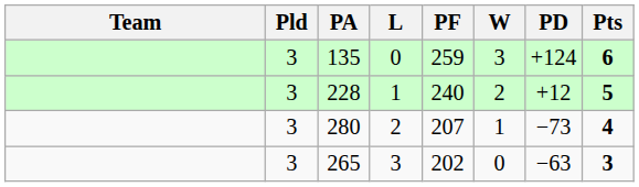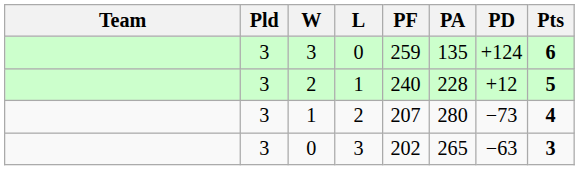 <table class=wikitable style="text-align:center">
 <tr>
 <th width=180>Team</th>
 <th width=30>Pld</th>
-<th width=30>PA</th>
+<th width=30>W</th>
 <th width=30>L</th>
 <th width=30>PF</th>
-<th width=30>W</th>
+<th width=30>PA</th>
 <th width=30>PD</th>
 <th width=30>Pts</th>
 </tr>
 <tr bgcolor="#ccffcc">
 <td align="left"></td>
 <td>3</td>
-<td>135</td>
+<td>3</td>
 <td>0</td>
 <td>259</td>
-<td>3</td>
+<td>135</td>
 <td>+124</td>
 <td><strong>6</strong></td>
 </tr>
 <tr bgcolor="#ccffcc">
 <td align="left"></td>
 <td>3</td>
-<td>228</td>
+<td>2</td>
 <td>1</td>
 <td>240</td>
-<td>2</td>
+<td>228</td>
 <td>+12</td>
 <td><strong>5</strong></td>
 </tr>
 <tr>
 <td align="left"></td>
 <td>3</td>
-<td>280</td>
+<td>1</td>
 <td>2</td>
 <td>207</td>
-<td>1</td>
+<td>280</td>
 <td>−73</td>
 <td><strong>4</strong></td>
 </tr>
 <tr>
 <td align="left"></td>
 <td>3</td>
-<td>265</td>
+<td>0</td>
 <td>3</td>
 <td>202</td>
-<td>0</td>
+<td>265</td>
 <td>−63</td>
 <td><strong>3</strong></td>
 </tr>
 </table>
